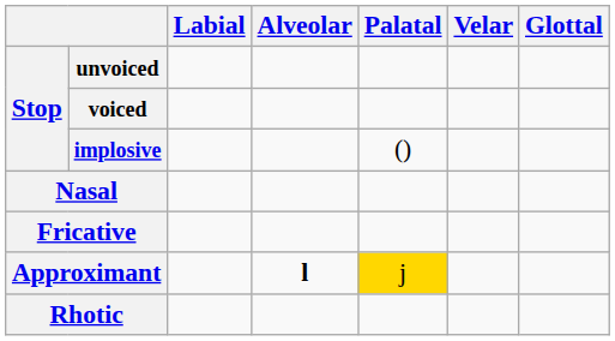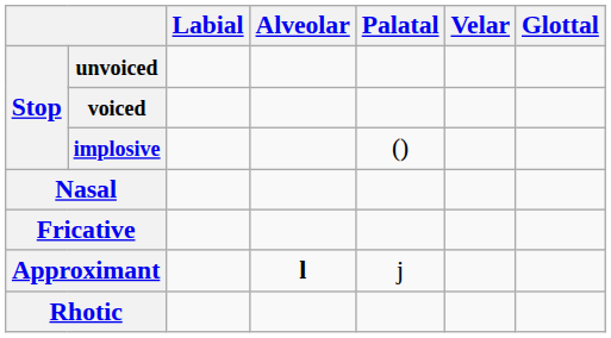 <table class="wikitable" style="text-align: center">
 <tr>
 <th colspan="2"></th>
 <th scope="col"><a href='#'>Labial</a></th>
 <th scope="col"><a href='#'>Alveolar</a></th>
 <th scope="col"><a href='#'>Palatal</a></th>
 <th scope="col"><a href='#'>Velar</a></th>
 <th scope="col"><a href='#'>Glottal</a></th>
 </tr>
 <tr>
 <th rowspan="3" scope="row"><a href='#'>Stop</a></th>
 <th scope="row"><small>unvoiced</small></th>
 <td></td>
 <td></td>
 <td></td>
 <td></td>
 <td></td>
 </tr>
 <tr>
 <th scope="row"><small>voiced</small></th>
 <td></td>
 <td></td>
 <td></td>
 <td></td>
 <td></td>
 </tr>
 <tr>
 <th scope="row"><small><a href='#'>implosive</a></small></th>
 <td></td>
 <td></td>
 <td>()</td>
 <td></td>
 <td></td>
 </tr>
 <tr>
 <th colspan="2" scope="row"><a href='#'>Nasal</a></th>
 <td></td>
 <td></td>
 <td></td>
 <td></td>
 <td></td>
 </tr>
 <tr>
 <th colspan="2" scope="row"><a href='#'>Fricative</a></th>
 <td></td>
 <td></td>
 <td></td>
 <td></td>
 <td></td>
 </tr>
 <tr>
 <th colspan="2" scope="row"><a href='#'>Approximant</a></th>
 <td></td>
 <td><strong>l</strong></td>
-<td style="background: gold;">j</td>
+<td>j</td>
 <td></td>
 <td></td>
 </tr>
 <tr>
 <th colspan="2" scope="row"><a href='#'>Rhotic</a></th>
 <td></td>
 <td></td>
 <td></td>
 <td></td>
 <td></td>
 </tr>
 </table>
